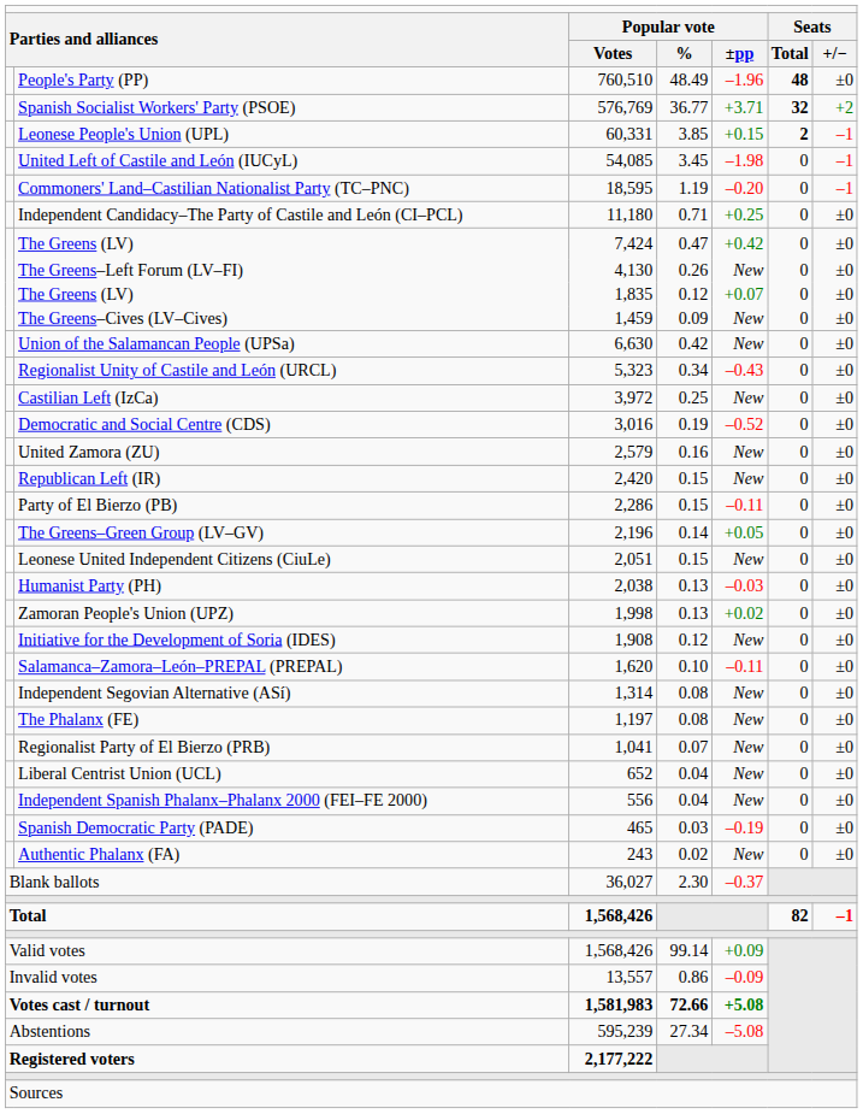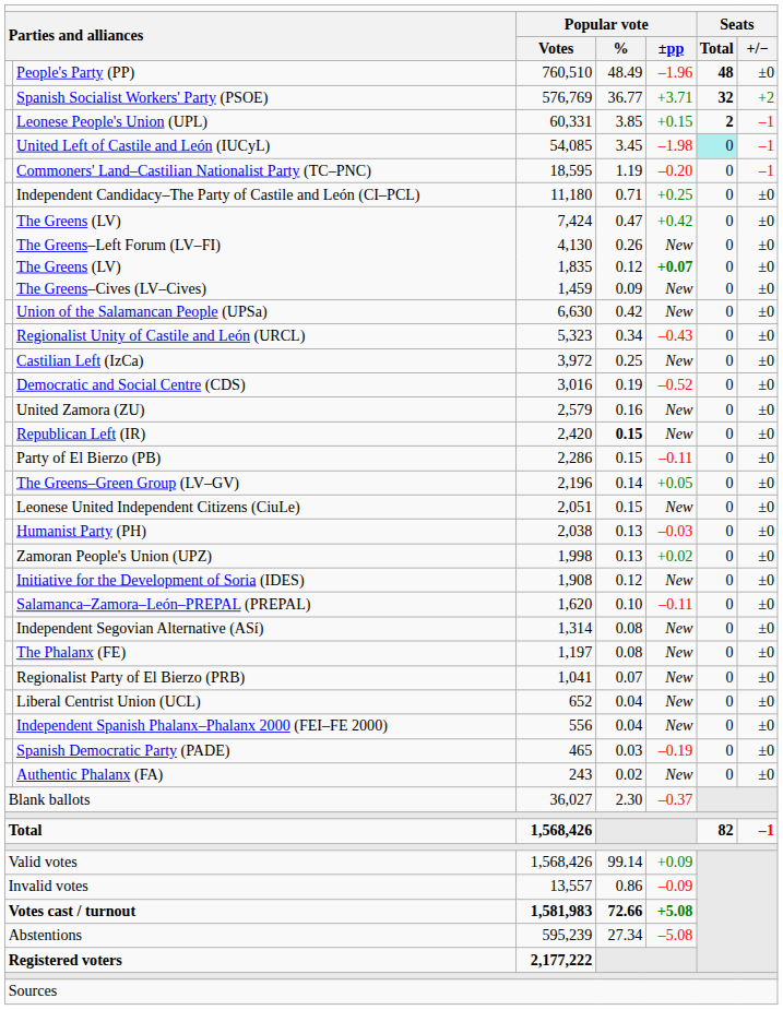 <table class="wikitable" style="text-align:right;">
 <tr>
 <td colspan="7"></td>
 </tr>
 <tr>
 <th style="text-align:left;" rowspan="2" colspan="2" width="525">Parties and alliances</th>
 <th colspan="3">Popular vote</th>
 <th colspan="2">Seats</th>
 </tr>
 <tr>
 <th width="75">Votes</th>
 <th width="45">%</th>
 <th width="45">±<a href='#'>pp</a></th>
 <th width="35">Total</th>
 <th width="35">+/−</th>
 </tr>
 <tr>
 <td width="1" style="color:inherit;background:"></td>
 <td align="left"><a href='#'>People's Party</a> (PP)</td>
 <td>760,510</td>
 <td>48.49</td>
 <td style="color:red;">–1.96</td>
 <td><strong>48</strong></td>
 <td>±0</td>
 </tr>
 <tr>
 <td style="color:inherit;background:"></td>
 <td align="left"><a href='#'>Spanish Socialist Workers' Party</a> (PSOE)</td>
 <td>576,769</td>
 <td>36.77</td>
 <td style="color:green;">+3.71</td>
 <td><strong>32</strong></td>
 <td style="color:green;">+2</td>
 </tr>
 <tr>
 <td style="color:inherit;background:"></td>
 <td align="left"><a href='#'>Leonese People's Union</a> (UPL)</td>
 <td>60,331</td>
 <td>3.85</td>
 <td style="color:green;">+0.15</td>
 <td><strong>2</strong></td>
 <td style="color:red;">–1</td>
 </tr>
 <tr>
 <td style="color:inherit;background:"></td>
 <td align="left"><a href='#'>United Left of Castile and León</a> (IUCyL)</td>
 <td>54,085</td>
 <td>3.45</td>
 <td style="color:red;">–1.98</td>
-<td>0</td>
+<td style="background: paleturquoise;">0</td>
 <td style="color:red;">–1</td>
 </tr>
 <tr>
 <td style="color:inherit;background:"></td>
 <td align="left"><a href='#'>Commoners' Land–Castilian Nationalist Party</a> (TC–PNC)</td>
 <td>18,595</td>
 <td>1.19</td>
 <td style="color:red;">–0.20</td>
 <td>0</td>
 <td style="color:red;">–1</td>
 </tr>
 <tr>
 <td style="color:inherit;background:"></td>
 <td align="left">Independent Candidacy–The Party of Castile and León (CI–PCL)</td>
 <td>11,180</td>
 <td>0.71</td>
 <td style="color:green;">+0.25</td>
 <td>0</td>
 <td>±0</td>
 </tr>
 <tr style="line-height:22px;">
 <td rowspan="4" style="color:inherit;background:"></td>
 <td align="left"><a href='#'>The Greens</a> (LV)</td>
 <td>7,424</td>
 <td>0.47</td>
 <td style="color:green;">+0.42</td>
 <td>0</td>
 <td>±0</td>
 </tr>
 <tr style="border-bottom-style:hidden; border-top-style:hidden; line-height:16px;">
 <td align="left"><span><a href='#'>The Greens</a>–Left Forum (LV–FI)</span></td>
 <td>4,130</td>
 <td>0.26</td>
 <td><em>New</em></td>
 <td>0</td>
 <td>±0</td>
 </tr>
 <tr style="border-bottom-style:hidden; line-height:16px;">
 <td align="left"><span><a href='#'>The Greens</a> (LV)</span></td>
 <td>1,835</td>
 <td>0.12</td>
-<td style="color:green;">+0.07</td>
+<td style="color:green;"><strong>+0.07</strong></td>
 <td>0</td>
 <td>±0</td>
 </tr>
 <tr style="line-height:16px;">
 <td align="left"><span><a href='#'>The Greens</a>–Cives (LV–Cives)</span></td>
 <td>1,459</td>
 <td>0.09</td>
 <td><em>New</em></td>
 <td>0</td>
 <td>±0</td>
 </tr>
 <tr>
 <td style="color:inherit;background:"></td>
 <td align="left"><a href='#'>Union of the Salamancan People</a> (UPSa)</td>
 <td>6,630</td>
 <td>0.42</td>
 <td><em>New</em></td>
 <td>0</td>
 <td>±0</td>
 </tr>
 <tr>
 <td style="color:inherit;background:"></td>
 <td align="left"><a href='#'>Regionalist Unity of Castile and León</a> (URCL)</td>
 <td>5,323</td>
 <td>0.34</td>
 <td style="color:red;">–0.43</td>
 <td>0</td>
 <td>±0</td>
 </tr>
 <tr>
 <td style="color:inherit;background:"></td>
 <td align="left"><a href='#'>Castilian Left</a> (IzCa)</td>
 <td>3,972</td>
 <td>0.25</td>
 <td><em>New</em></td>
 <td>0</td>
 <td>±0</td>
 </tr>
 <tr>
 <td style="color:inherit;background:"></td>
 <td align="left"><a href='#'>Democratic and Social Centre</a> (CDS)</td>
 <td>3,016</td>
 <td>0.19</td>
 <td style="color:red;">–0.52</td>
 <td>0</td>
 <td>±0</td>
 </tr>
 <tr>
 <td style="color:inherit;background:"></td>
 <td align="left">United Zamora (ZU)</td>
 <td>2,579</td>
 <td>0.16</td>
 <td><em>New</em></td>
 <td>0</td>
 <td>±0</td>
 </tr>
 <tr>
 <td style="color:inherit;background:"></td>
 <td align="left"><a href='#'>Republican Left</a> (IR)</td>
 <td>2,420</td>
-<td>0.15</td>
+<td><strong>0.15</strong></td>
 <td><em>New</em></td>
 <td>0</td>
 <td>±0</td>
 </tr>
 <tr>
 <td style="color:inherit;background:"></td>
 <td align="left">Party of El Bierzo (PB)</td>
 <td>2,286</td>
 <td>0.15</td>
 <td style="color:red;">–0.11</td>
 <td>0</td>
 <td>±0</td>
 </tr>
 <tr>
 <td style="color:inherit;background:"></td>
 <td align="left"><a href='#'>The Greens–Green Group</a> (LV–GV)</td>
 <td>2,196</td>
 <td>0.14</td>
 <td style="color:green;">+0.05</td>
 <td>0</td>
 <td>±0</td>
 </tr>
 <tr>
 <td bgcolor="white"></td>
 <td align="left">Leonese United Independent Citizens (CiuLe)</td>
 <td>2,051</td>
 <td>0.15</td>
 <td><em>New</em></td>
 <td>0</td>
 <td>±0</td>
 </tr>
 <tr>
 <td style="color:inherit;background:"></td>
 <td align="left"><a href='#'>Humanist Party</a> (PH)</td>
 <td>2,038</td>
 <td>0.13</td>
 <td style="color:red;">–0.03</td>
 <td>0</td>
 <td>±0</td>
 </tr>
 <tr>
 <td style="color:inherit;background:"></td>
 <td align="left">Zamoran People's Union (UPZ)</td>
 <td>1,998</td>
 <td>0.13</td>
 <td style="color:green;">+0.02</td>
 <td>0</td>
 <td>±0</td>
 </tr>
 <tr>
 <td style="color:inherit;background:"></td>
 <td align="left"><a href='#'>Initiative for the Development of Soria</a> (IDES)</td>
 <td>1,908</td>
 <td>0.12</td>
 <td><em>New</em></td>
 <td>0</td>
 <td>±0</td>
 </tr>
 <tr>
 <td style="color:inherit;background:"></td>
 <td align="left"><a href='#'>Salamanca–Zamora–León–PREPAL</a> (PREPAL)</td>
 <td>1,620</td>
 <td>0.10</td>
 <td style="color:red;">–0.11</td>
 <td>0</td>
 <td>±0</td>
 </tr>
 <tr>
 <td style="color:inherit;background:"></td>
 <td align="left">Independent Segovian Alternative (ASí)</td>
 <td>1,314</td>
 <td>0.08</td>
 <td><em>New</em></td>
 <td>0</td>
 <td>±0</td>
 </tr>
 <tr>
 <td style="color:inherit;background:"></td>
 <td align="left"><a href='#'>The Phalanx</a> (FE)</td>
 <td>1,197</td>
 <td>0.08</td>
 <td><em>New</em></td>
 <td>0</td>
 <td>±0</td>
 </tr>
 <tr>
 <td style="color:inherit;background:"></td>
 <td align="left">Regionalist Party of El Bierzo (PRB)</td>
 <td>1,041</td>
 <td>0.07</td>
 <td><em>New</em></td>
 <td>0</td>
 <td>±0</td>
 </tr>
 <tr>
 <td style="color:inherit;background:"></td>
 <td align="left">Liberal Centrist Union (UCL)</td>
 <td>652</td>
 <td>0.04</td>
 <td><em>New</em></td>
 <td>0</td>
 <td>±0</td>
 </tr>
 <tr>
 <td style="color:inherit;background:"></td>
 <td align="left"><a href='#'>Independent Spanish Phalanx–Phalanx 2000</a> (FEI–FE 2000)</td>
 <td>556</td>
 <td>0.04</td>
 <td><em>New</em></td>
 <td>0</td>
 <td>±0</td>
 </tr>
 <tr>
 <td style="color:inherit;background:"></td>
 <td align="left"><a href='#'>Spanish Democratic Party</a> (PADE)</td>
 <td>465</td>
 <td>0.03</td>
 <td style="color:red;">–0.19</td>
 <td>0</td>
 <td>±0</td>
 </tr>
 <tr>
 <td style="color:inherit;background:"></td>
 <td align="left"><a href='#'>Authentic Phalanx</a> (FA)</td>
 <td>243</td>
 <td>0.02</td>
 <td><em>New</em></td>
 <td>0</td>
 <td>±0</td>
 </tr>
 <tr>
 <td align="left" colspan="2">Blank ballots</td>
 <td>36,027</td>
 <td>2.30</td>
 <td style="color:red;">–0.37</td>
 <td bgcolor="#E9E9E9" colspan="2"></td>
 </tr>
 <tr>
 <td colspan="7" bgcolor="#E9E9E9"></td>
 </tr>
 <tr style="font-weight:bold;">
 <td align="left" colspan="2">Total</td>
 <td>1,568,426</td>
 <td bgcolor="#E9E9E9" colspan="2"></td>
 <td>82</td>
 <td style="color:red;">–1</td>
 </tr>
 <tr>
 <td colspan="7" bgcolor="#E9E9E9"></td>
 </tr>
 <tr>
 <td align="left" colspan="2">Valid votes</td>
 <td>1,568,426</td>
 <td>99.14</td>
 <td style="color:green;">+0.09</td>
 <td bgcolor="#E9E9E9" colspan="2" rowspan="5"></td>
 </tr>
 <tr>
 <td align="left" colspan="2">Invalid votes</td>
 <td>13,557</td>
 <td>0.86</td>
 <td style="color:red;">–0.09</td>
 </tr>
 <tr style="font-weight:bold;">
 <td align="left" colspan="2">Votes cast / turnout</td>
 <td>1,581,983</td>
 <td>72.66</td>
 <td style="color:green;">+5.08</td>
 </tr>
 <tr>
 <td align="left" colspan="2">Abstentions</td>
 <td>595,239</td>
 <td>27.34</td>
 <td style="color:red;">–5.08</td>
 </tr>
 <tr style="font-weight:bold;">
 <td align="left" colspan="2">Registered voters</td>
 <td>2,177,222</td>
 <td bgcolor="#E9E9E9" colspan="2"></td>
 </tr>
 <tr>
 <td colspan="7" bgcolor="#E9E9E9"></td>
 </tr>
 <tr>
 <td align="left" colspan="7">Sources</td>
 </tr>
 </table>
